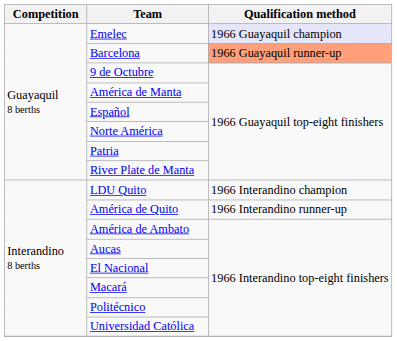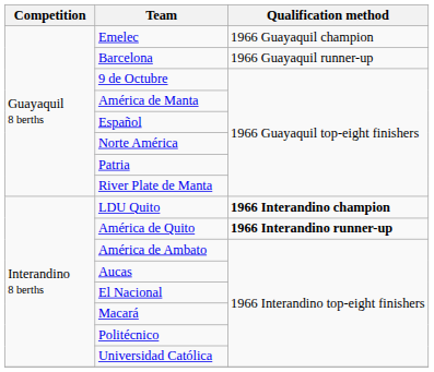 <table class="wikitable">
 <tr>
 <th width=100>Competition</th>
 <th width=150>Team</th>
 <th>Qualification method</th>
 </tr>
 <tr>
 <td rowspan="8">Guayaquil<br><small>8 berths</small></td>
 <td><a href='#'>Emelec</a></td>
-<td style="background: lavender;">1966 Guayaquil champion</td>
+<td>1966 Guayaquil champion</td>
 </tr>
 <tr>
 <td><a href='#'>Barcelona</a></td>
-<td style="background: lightsalmon;">1966 Guayaquil runner-up</td>
+<td>1966 Guayaquil runner-up</td>
 </tr>
 <tr>
 <td><a href='#'>9 de Octubre</a></td>
 <td rowspan=6>1966 Guayaquil top-eight finishers</td>
 </tr>
 <tr>
 <td><a href='#'>América de Manta</a></td>
 </tr>
 <tr>
 <td><a href='#'>Español</a></td>
 </tr>
 <tr>
 <td><a href='#'>Norte América</a></td>
 </tr>
 <tr>
 <td><a href='#'>Patria</a></td>
 </tr>
 <tr>
 <td><a href='#'>River Plate de Manta</a></td>
 </tr>
 <tr>
 <td rowspan="8">Interandino<br><small>8 berths</small></td>
 <td><a href='#'>LDU Quito</a></td>
-<td>1966 Interandino champion</td>
+<td><strong>1966 Interandino champion</strong></td>
 </tr>
 <tr>
 <td><a href='#'>América de Quito</a></td>
-<td>1966 Interandino runner-up</td>
+<td><strong>1966 Interandino runner-up</strong></td>
 </tr>
 <tr>
 <td><a href='#'>América de Ambato</a></td>
 <td rowspan=6>1966 Interandino top-eight finishers</td>
 </tr>
 <tr>
 <td><a href='#'>Aucas</a></td>
 </tr>
 <tr>
 <td><a href='#'>El Nacional</a></td>
 </tr>
 <tr>
 <td><a href='#'>Macará</a></td>
 </tr>
 <tr>
 <td><a href='#'>Politécnico</a></td>
 </tr>
 <tr>
 <td><a href='#'>Universidad Católica</a></td>
 </tr>
 <tr>
 </tr>
 </table>
